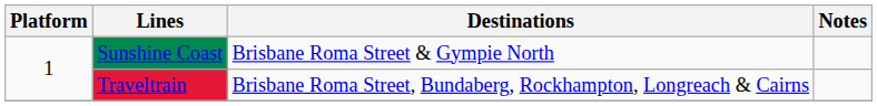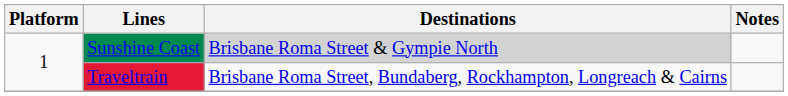 <table class="wikitable" style="float: none; margin: 0.5em; ">
 <tr>
 <th>Platform</th>
 <th>Lines</th>
 <th>Destinations</th>
 <th>Notes</th>
 </tr>
 <tr>
 <td rowspan="2" style="text-align:center;">1</td>
 <td style=background:#008851><a href='#'><span>Sunshine Coast</span></a></td>
-<td><a href='#'>Brisbane Roma Street</a> & <a href='#'>Gympie North</a></td>
+<td style="background: lightgrey;"><a href='#'>Brisbane Roma Street</a> & <a href='#'>Gympie North</a></td>
 <td></td>
 </tr>
 <tr>
 <td style=background:#E31836><a href='#'><span>Traveltrain</span></a></td>
 <td><a href='#'>Brisbane Roma Street</a>, <a href='#'>Bundaberg</a>, <a href='#'>Rockhampton</a>, <a href='#'>Longreach</a> & <a href='#'>Cairns</a></td>
 <td></td>
 </tr>
 <tr>
 </tr>
 </table>
